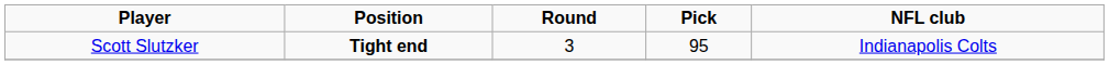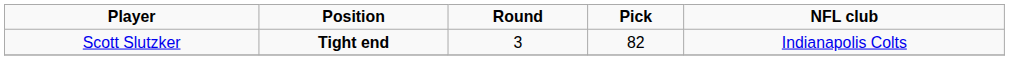 <table class="wikitable" width="80%">
 <tr align="center">
 <td><strong>Player</strong></td>
 <td><strong>Position</strong></td>
 <td><strong>Round</strong></td>
 <td><strong>Pick</strong></td>
 <td><strong>NFL club</strong></td>
 </tr>
 <tr align="center" bgcolor="">
 <td><a href='#'>Scott Slutzker</a></td>
 <td><strong>Tight end</strong></td>
 <td>3</td>
-<td>95</td>
+<td>82</td>
 <td><a href='#'>Indianapolis Colts</a></td>
 </tr>
 <tr align="center" bgcolor="">
 </tr>
 </table>
